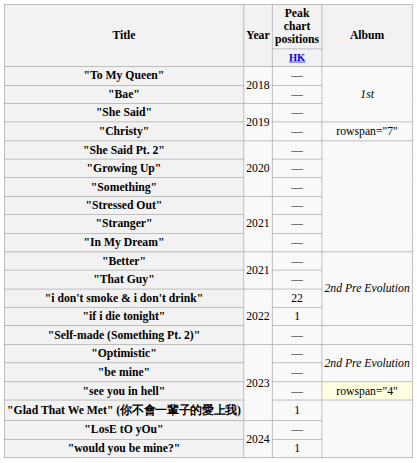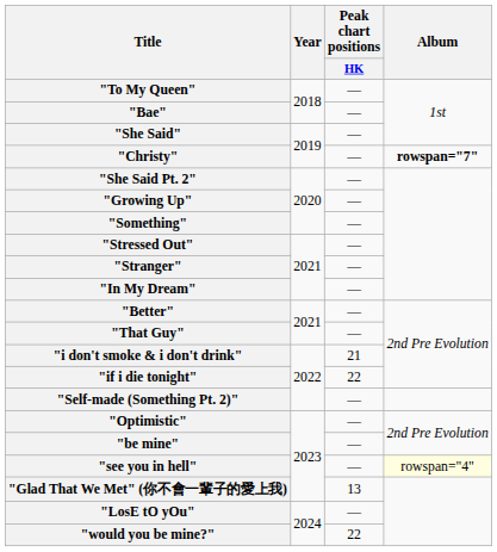 <table class="wikitable plainrowheaders" style="text-align:center">
 <tr>
 <th rowspan="2">Title</th>
 <th rowspan="2">Year</th>
 <th>Peak chart positions</th>
 <th rowspan="2">Album</th>
 </tr>
 <tr>
 <th scope="col" style="width:2.5em;font-size:90%;"><a href='#'>HK</a><br></th>
 </tr>
 <tr>
 <th scope="row">"To My Queen"</th>
 <td rowspan="2">2018</td>
 <td>—</td>
 <td rowspan="3"><em>1st</em></td>
 </tr>
 <tr>
 <th scope="row">"Bae"</th>
 <td>—</td>
 </tr>
 <tr>
 <th scope="row">"She Said"</th>
 <td rowspan="2">2019</td>
 <td>—</td>
 </tr>
 <tr>
 <th scope="row">"Christy"</th>
 <td>—</td>
-<td>rowspan="7" </td>
+<td><strong>rowspan="7" </strong></td>
 </tr>
 <tr>
 <th scope="row">"She Said Pt. 2" </th>
 <td rowspan="3">2020</td>
 <td>—</td>
 </tr>
 <tr>
 <th scope="row">"Growing Up"</th>
 <td>—</td>
 </tr>
 <tr>
 <th scope="row">"Something"</th>
 <td>—</td>
 </tr>
 <tr>
 <th scope="row">"Stressed Out"</th>
 <td rowspan="3">2021</td>
 <td>—</td>
 </tr>
 <tr>
 <th scope="row">"Stranger" </th>
 <td>—</td>
 </tr>
 <tr>
 <th scope="row">"In My Dream"</th>
 <td>—</td>
 </tr>
 <tr>
 <th scope="row">"Better"</th>
 <td rowspan="2">2021</td>
 <td>—</td>
 <td rowspan="4"><em>2nd Pre Evolution</em></td>
 </tr>
 <tr>
 <th scope="row">"That Guy"</th>
 <td>—</td>
 </tr>
 <tr>
 <th scope="row">"i don't smoke & i don't drink"</th>
 <td rowspan="3">2022</td>
-<td>22</td>
+<td>21</td>
 </tr>
 <tr>
 <th scope="row">"if i die tonight"</th>
-<td>1</td>
+<td>22</td>
 </tr>
 <tr>
 <th scope="row">"Self-made (Something Pt. 2)"</th>
 <td>—</td>
 <td></td>
 </tr>
 <tr>
 <th scope="row">"Optimistic"</th>
 <td rowspan="4">2023</td>
 <td>—</td>
 <td rowspan="2"><em>2nd Pre Evolution</em></td>
 </tr>
 <tr>
 <th scope="row">"be mine"</th>
 <td>—</td>
 </tr>
 <tr>
 <th scope="row">"see you in hell"</th>
 <td>—</td>
 <td style="background: lightyellow;">rowspan="4" </td>
 </tr>
 <tr>
 <th scope="row">"Glad That We Met" (你不會一輩子的愛上我)</th>
-<td>1</td>
+<td>13</td>
 </tr>
 <tr>
 <th scope="row">"LosE tO yOu"</th>
 <td rowspan="2">2024</td>
 <td>—</td>
 </tr>
 <tr>
 <th scope="row">"would you be mine?"</th>
-<td>1</td>
+<td>22</td>
 </tr>
 </table>
